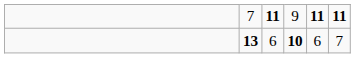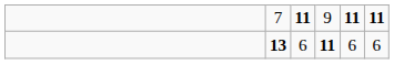 <table class="wikitable">
 <tr>
 <td style="width:15em"></td>
 <td align=center style="width:1em">7</td>
 <td align=center style="width:1em"><strong>11</strong></td>
 <td align=center style="width:1em">9</td>
 <td align=center style="width:1em"><strong>11</strong></td>
 <td align=center style="width:1em"><strong>11</strong></td>
 </tr>
 <tr>
 <td style="width:15em"></td>
 <td align=center style="width:1em"><strong>13</strong></td>
 <td align=center style="width:1em">6</td>
-<td align=center style="width:1em"><strong>10</strong></td>
+<td align=center style="width:1em"><strong>11</strong></td>
 <td align=center style="width:1em">6</td>
-<td align=center style="width:1em">7</td>
+<td align=center style="width:1em">6</td>
 </tr>
 </table>
